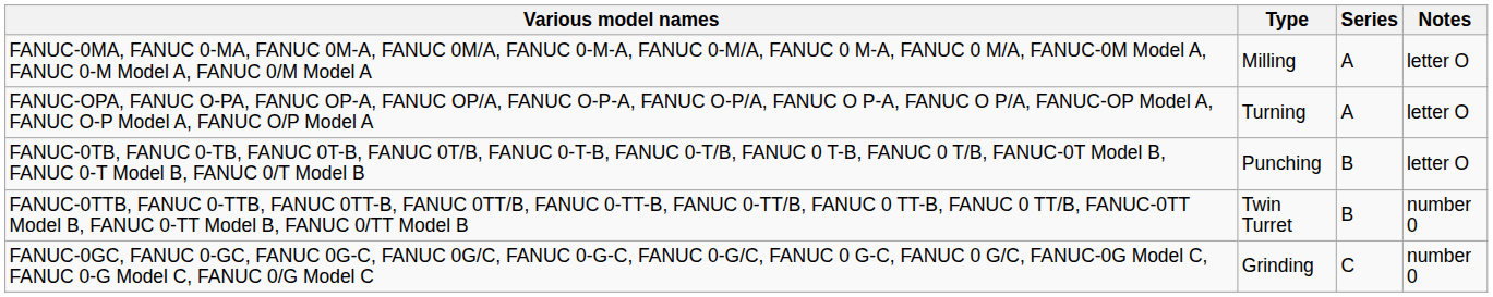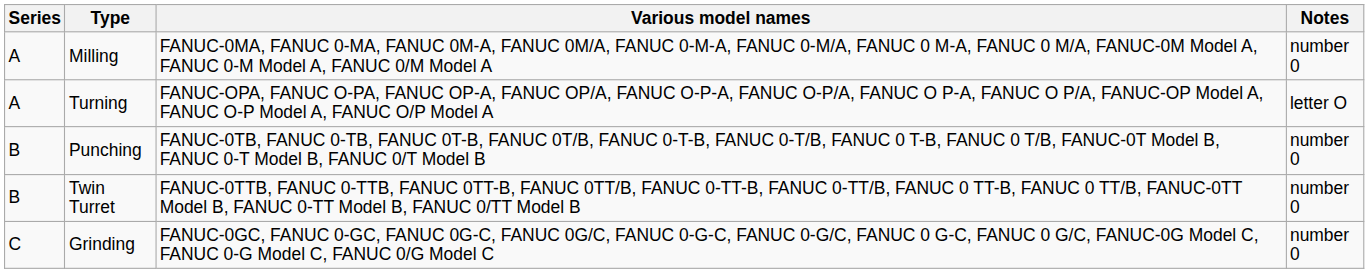 <table class="wikitable">
 <tr>
+<th>Series</th>
+<th>Type</th>
 <th>Various model names</th>
-<th>Type</th>
-<th>Series</th>
 <th>Notes</th>
 </tr>
 <tr>
+<td>A</td>
+<td>Milling</td>
 <td>FANUC-0MA, FANUC 0-MA, FANUC 0M-A, FANUC 0M/A, FANUC 0-M-A, FANUC 0-M/A, FANUC 0 M-A, FANUC 0 M/A, FANUC-0M Model A, FANUC 0-M Model A, FANUC 0/M Model A</td>
-<td>Milling</td>
+<td>number 0</td>
+</tr>
+<tr>
 <td>A</td>
+<td>Turning</td>
+<td>FANUC-OPA, FANUC O-PA, FANUC OP-A, FANUC OP/A, FANUC O-P-A, FANUC O-P/A, FANUC O P-A, FANUC O P/A, FANUC-OP Model A, FANUC O-P Model A, FANUC O/P Model A</td>
 <td>letter O</td>
 </tr>
 <tr>
-<td>FANUC-OPA, FANUC O-PA, FANUC OP-A, FANUC OP/A, FANUC O-P-A, FANUC O-P/A, FANUC O P-A, FANUC O P/A, FANUC-OP Model A, FANUC O-P Model A, FANUC O/P Model A</td>
-<td>Turning</td>
-<td>A</td>
-<td>letter O</td>
-</tr>
-<tr>
+<td>B</td>
+<td>Punching</td>
 <td>FANUC-0TB, FANUC 0-TB, FANUC 0T-B, FANUC 0T/B, FANUC 0-T-B, FANUC 0-T/B, FANUC 0 T-B, FANUC 0 T/B, FANUC-0T Model B, FANUC 0-T Model B, FANUC 0/T Model B</td>
-<td>Punching</td>
-<td>B</td>
-<td>letter O</td>
-</tr>
-<tr>
-<td>FANUC-0TTB, FANUC 0-TTB, FANUC 0TT-B, FANUC 0TT/B, FANUC 0-TT-B, FANUC 0-TT/B, FANUC 0 TT-B, FANUC 0 TT/B, FANUC-0TT Model B, FANUC 0-TT Model B, FANUC 0/TT Model B</td>
-<td>Twin Turret</td>
-<td>B</td>
 <td>number 0</td>
 </tr>
 <tr>
+<td>B</td>
+<td>Twin Turret</td>
+<td>FANUC-0TTB, FANUC 0-TTB, FANUC 0TT-B, FANUC 0TT/B, FANUC 0-TT-B, FANUC 0-TT/B, FANUC 0 TT-B, FANUC 0 TT/B, FANUC-0TT Model B, FANUC 0-TT Model B, FANUC 0/TT Model B</td>
+<td>number 0</td>
+</tr>
+<tr>
+<td>C</td>
+<td>Grinding</td>
 <td>FANUC-0GC, FANUC 0-GC, FANUC 0G-C, FANUC 0G/C, FANUC 0-G-C, FANUC 0-G/C, FANUC 0 G-C, FANUC 0 G/C, FANUC-0G Model C, FANUC 0-G Model C, FANUC 0/G Model C</td>
-<td>Grinding</td>
-<td>C</td>
 <td>number 0</td>
 </tr>
 </table>
